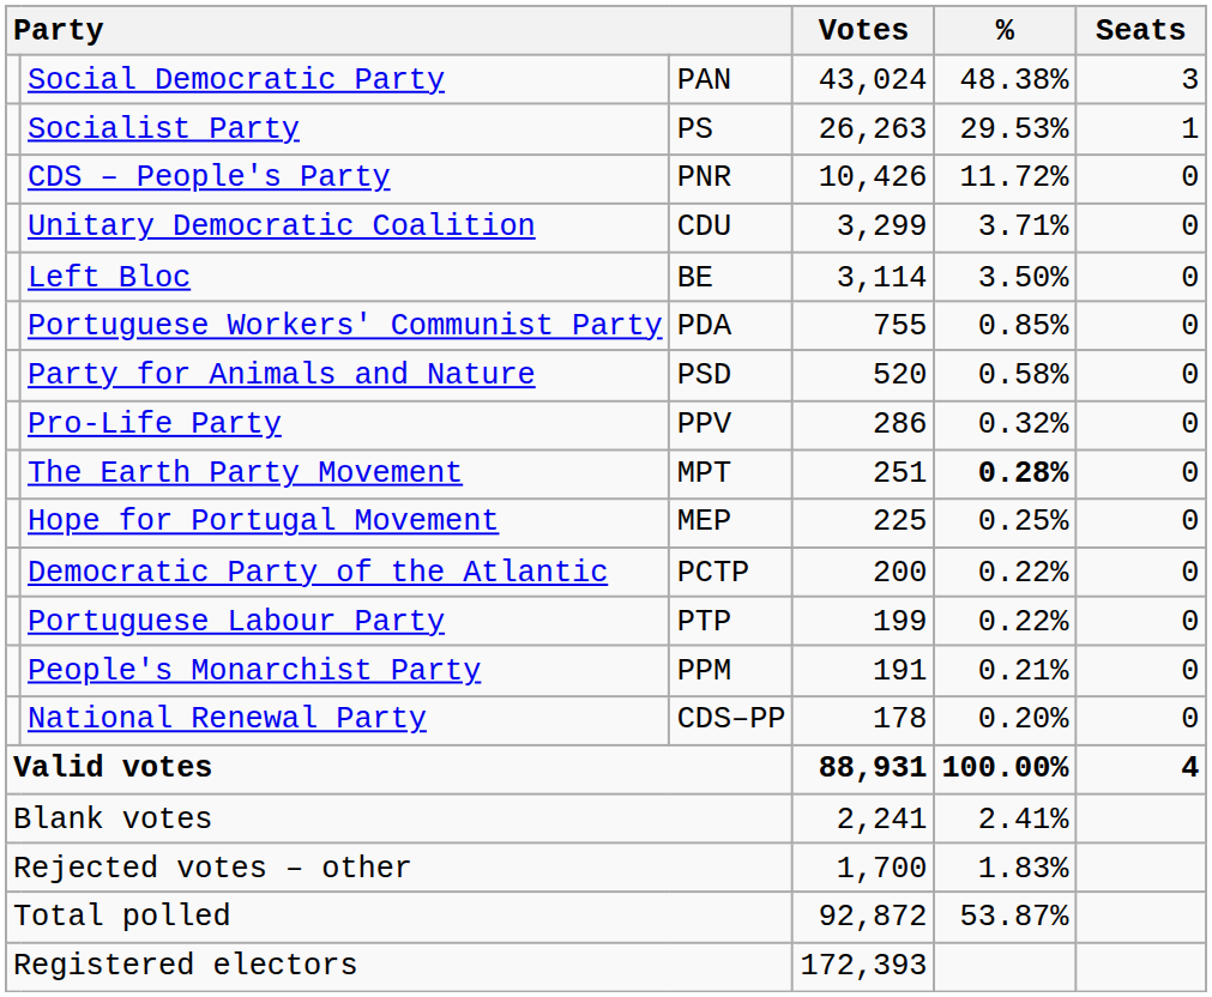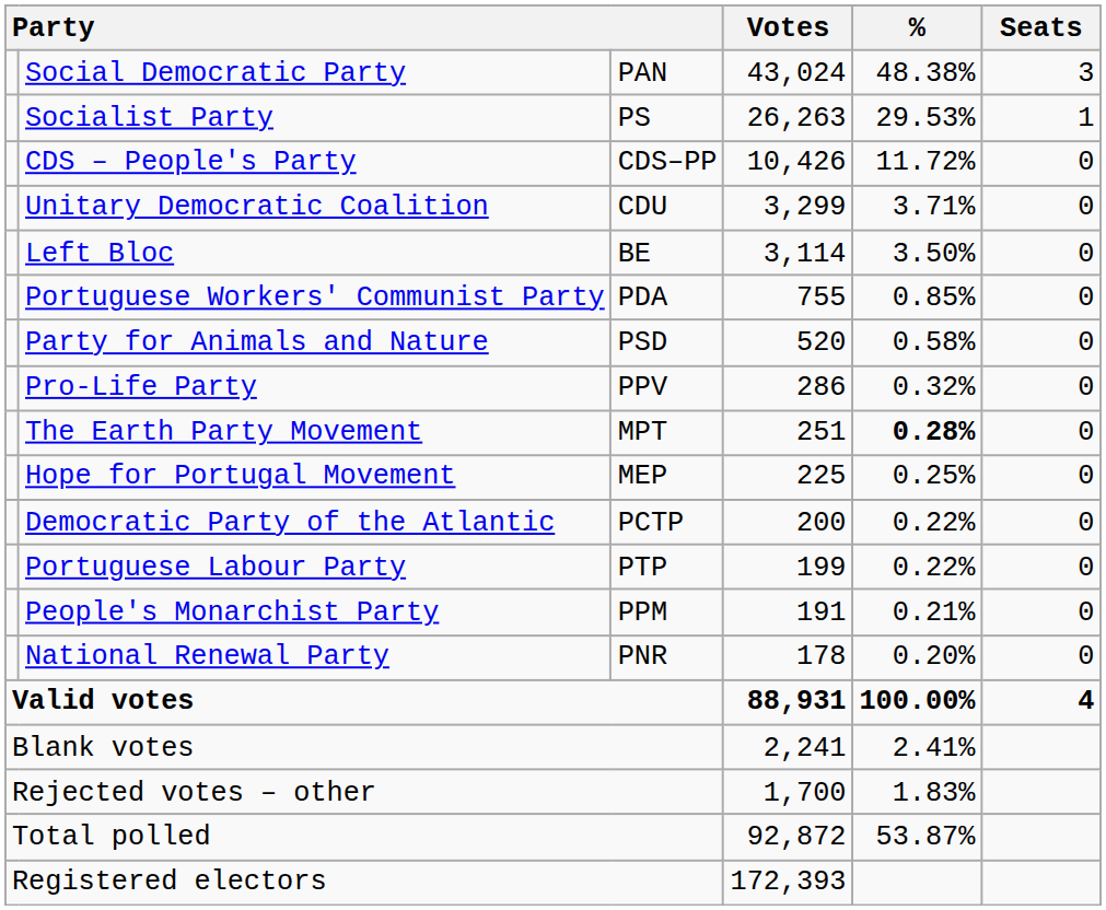 <table class="wikitable" border="1" style="text-align:right;">
 <tr>
 <th style="text-align:left;" colspan=3>Party</th>
 <th align=center width="50">Votes</th>
 <th align=center width="50">%</th>
 <th align=center width="50">Seats</th>
 </tr>
 <tr>
 <td></td>
 <td align=left><a href='#'>Social Democratic Party</a></td>
 <td align=left>PAN</td>
 <td>43,024</td>
 <td>48.38%</td>
 <td>3</td>
 </tr>
 <tr>
 <td></td>
 <td align=left><a href='#'>Socialist Party</a></td>
 <td align=left>PS</td>
 <td>26,263</td>
 <td>29.53%</td>
 <td>1</td>
 </tr>
 <tr>
 <td></td>
 <td align=left><a href='#'>CDS – People's Party</a></td>
-<td align=left>PNR</td>
+<td align=left style="white-space: nowrap;">CDS–PP</td>
 <td>10,426</td>
 <td>11.72%</td>
 <td>0</td>
 </tr>
 <tr>
 <td></td>
 <td align=left style="white-space: nowrap;"><a href='#'>Unitary Democratic Coalition</a></td>
 <td align=left>CDU</td>
 <td>3,299</td>
 <td>3.71%</td>
 <td>0</td>
 </tr>
 <tr>
 <td></td>
 <td align=left><a href='#'>Left Bloc</a></td>
 <td align=left>BE</td>
 <td>3,114</td>
 <td>3.50%</td>
 <td>0</td>
 </tr>
 <tr>
 <td></td>
 <td align=left><a href='#'>Portuguese Workers' Communist Party</a></td>
 <td align=left>PDA</td>
 <td>755</td>
 <td>0.85%</td>
 <td>0</td>
 </tr>
 <tr>
 <td></td>
 <td align=left><a href='#'>Party for Animals and Nature</a></td>
 <td align=left>PSD</td>
 <td>520</td>
 <td>0.58%</td>
 <td>0</td>
 </tr>
 <tr>
 <td></td>
 <td align=left><a href='#'>Pro-Life Party</a></td>
 <td align=left>PPV</td>
 <td>286</td>
 <td>0.32%</td>
 <td>0</td>
 </tr>
 <tr>
 <td></td>
 <td align=left><a href='#'>The Earth Party Movement</a></td>
 <td align=left>MPT</td>
 <td>251</td>
 <td><strong>0.28%</strong></td>
 <td>0</td>
 </tr>
 <tr>
 <td></td>
 <td align=left><a href='#'>Hope for Portugal Movement</a></td>
 <td align=left>MEP</td>
 <td>225</td>
 <td>0.25%</td>
 <td>0</td>
 </tr>
 <tr>
 <td></td>
 <td align=left><a href='#'>Democratic Party of the Atlantic</a></td>
 <td align=left>PCTP</td>
 <td>200</td>
 <td>0.22%</td>
 <td>0</td>
 </tr>
 <tr>
 <td></td>
 <td align=left><a href='#'>Portuguese Labour Party</a></td>
 <td align=left>PTP</td>
 <td>199</td>
 <td>0.22%</td>
 <td>0</td>
 </tr>
 <tr>
 <td></td>
 <td align=left><a href='#'>People's Monarchist Party</a></td>
 <td align=left>PPM</td>
 <td>191</td>
 <td>0.21%</td>
 <td>0</td>
 </tr>
 <tr>
 <td></td>
 <td align=left><a href='#'>National Renewal Party</a></td>
-<td align=left style="white-space: nowrap;">CDS–PP</td>
+<td align=left>PNR</td>
 <td>178</td>
 <td>0.20%</td>
 <td>0</td>
 </tr>
 <tr style="font-weight:bold">
 <td align=left colspan=3>Valid votes</td>
 <td>88,931</td>
 <td>100.00%</td>
 <td>4</td>
 </tr>
 <tr>
 <td align=left colspan=3>Blank votes</td>
 <td>2,241</td>
 <td>2.41%</td>
 <td></td>
 </tr>
 <tr>
 <td align=left colspan=3>Rejected votes – other</td>
 <td>1,700</td>
 <td>1.83%</td>
 <td></td>
 </tr>
 <tr>
 <td align=left colspan=3>Total polled</td>
 <td>92,872</td>
 <td>53.87%</td>
 <td></td>
 </tr>
 <tr>
 <td align=left colspan=3>Registered electors</td>
 <td>172,393</td>
 <td></td>
 <td></td>
 </tr>
 </table>
